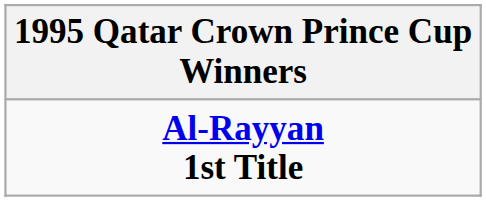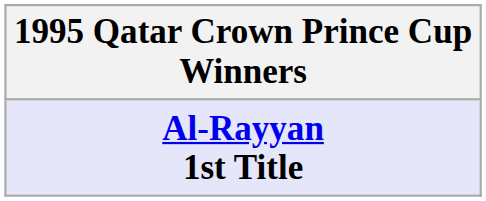 <table class="wikitable" style="text-align: center; margin: 0 auto;">
 <tr>
 <th>1995 Qatar Crown Prince Cup <br> Winners</th>
 </tr>
 <tr>
-<td><strong><a href='#'>Al-Rayyan</a></strong><br><strong>1st Title</strong></td>
+<td style="background: lavender;"><strong><a href='#'>Al-Rayyan</a></strong><br><strong>1st Title</strong></td>
 </tr>
 </table>
